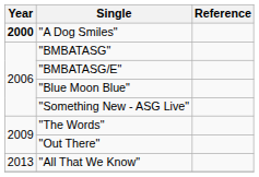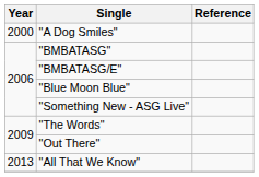 <table class="wikitable plainrowheaders" style="text-align:center;">
 <tr>
 <th scope="col">Year</th>
 <th scope="col">Single</th>
 <th scope="col">Reference</th>
 </tr>
 <tr>
-<td><strong>2000</strong></td>
+<td>2000</td>
 <td style="text-align:left;">"A Dog Smiles"<br></td>
 <td></td>
 </tr>
 <tr>
 <td rowspan="4">2006</td>
 <td style="text-align:left;">"BMBATASG"<br></td>
 <td></td>
 </tr>
 <tr>
 <td style="text-align:left;">"BMBATASG/E"<br></td>
 <td></td>
 </tr>
 <tr>
 <td style="text-align:left;">"Blue Moon Blue"<br></td>
 <td></td>
 </tr>
 <tr>
 <td style="text-align:left;">"Something New - ASG Live"<br></td>
 <td></td>
 </tr>
 <tr>
 <td rowspan="2">2009</td>
 <td style="text-align:left;">"The Words"<br></td>
 <td></td>
 </tr>
 <tr>
 <td style="text-align:left;">"Out There"<br></td>
 <td></td>
 </tr>
 <tr>
 <td>2013</td>
 <td style="text-align:left;">"All That We Know"<br></td>
 <td></td>
 </tr>
 <tr>
 </tr>
 </table>
